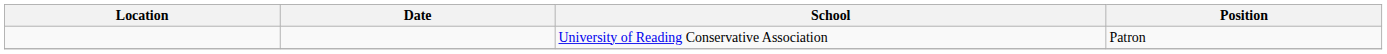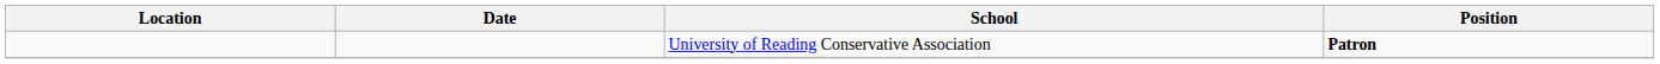 <table class="wikitable" style="width:100%;">
 <tr>
 <th style="width:20%;">Location</th>
 <th style="width:20%;">Date</th>
 <th style="width:40%;">School</th>
 <th style="width:20%;">Position</th>
 </tr>
 <tr>
 <td></td>
 <td></td>
 <td><a href='#'>University of Reading</a> Conservative Association</td>
-<td>Patron</td>
+<td><strong>Patron</strong></td>
 </tr>
 <tr>
 </tr>
 </table>
